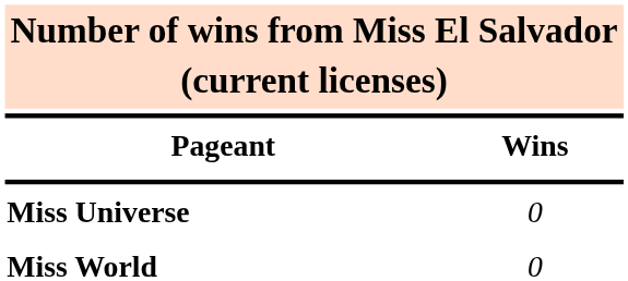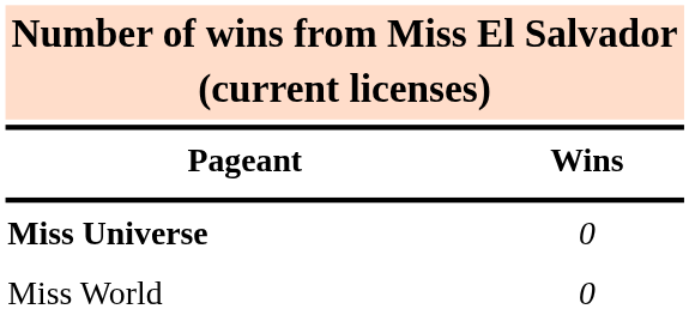 <table class="toccolours" style="width: 30em; float:right; margin-left:1em; font-size:80%; line-height:1.5em; width:30%;">
 <tr>
 <th colspan="2" style="text-align:center; background:#FFDDCA;"><big>Number of wins from Miss El Salvador (current licenses)</big></th>
 </tr>
 <tr>
 <td colspan="2" style="background:black"></td>
 </tr>
 <tr>
 <th scope="col">Pageant</th>
 <th scope="col">Wins</th>
 </tr>
 <tr>
 <td colspan="2" style="background:black"></td>
 </tr>
 <tr>
 <td style="text-align:left"><strong>Miss Universe</strong></td>
 <td style="text-align:center"><em>0</em></td>
 </tr>
 <tr>
-<td style="text-align:left"><strong>Miss World</strong></td>
+<td style="text-align:left">Miss World</td>
 <td style="text-align:center"><em>0</em></td>
 </tr>
 </table>
